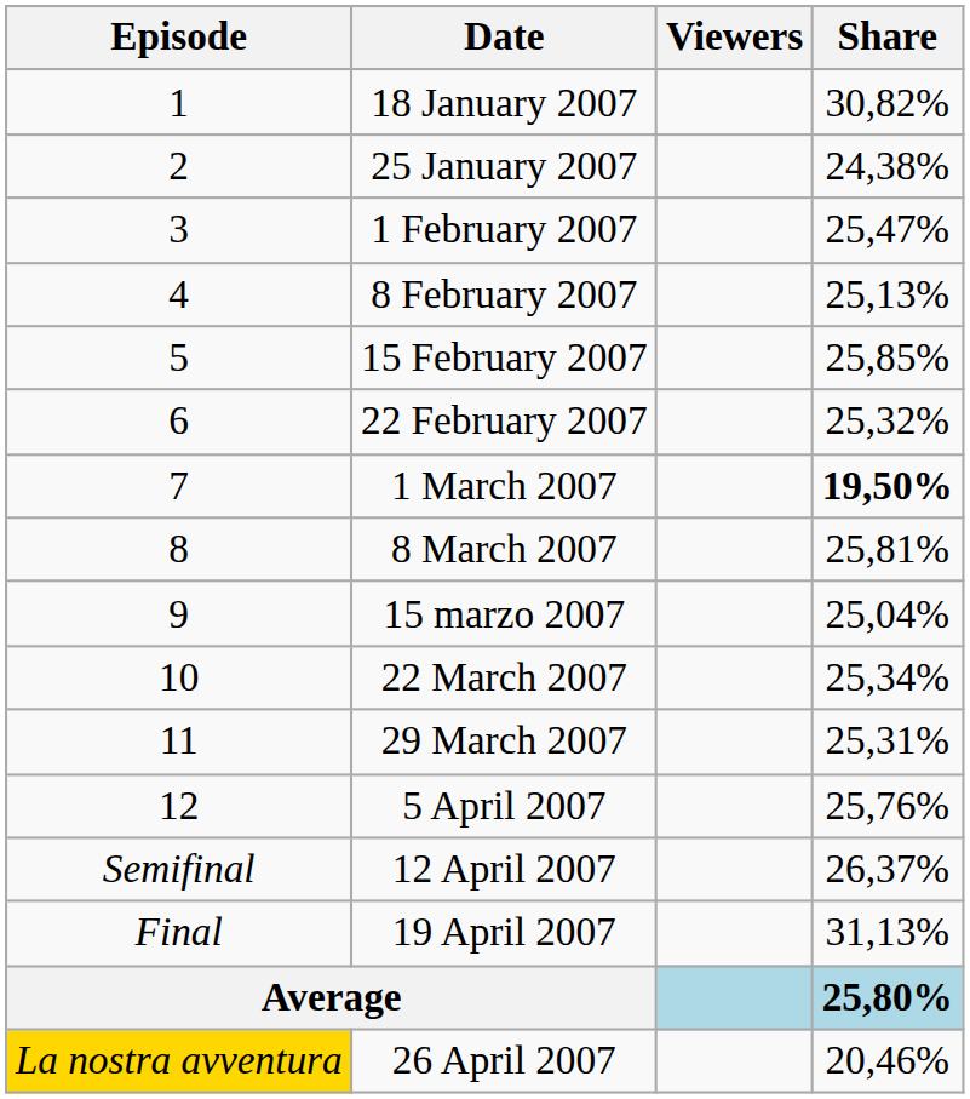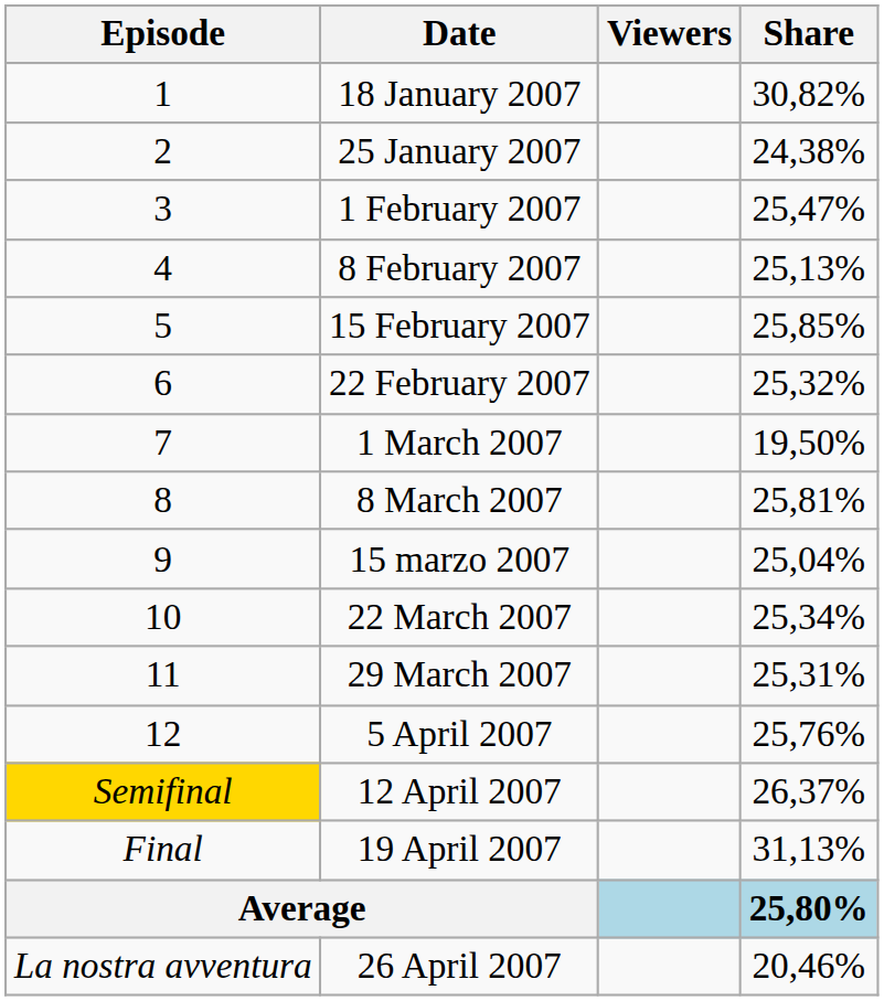 <table class="wikitable" style="text-align:center;">
 <tr>
 <th>Episode</th>
 <th>Date</th>
 <th>Viewers</th>
 <th>Share</th>
 </tr>
 <tr>
 <td>1</td>
 <td>18 January 2007</td>
 <td></td>
 <td>30,82%</td>
 </tr>
 <tr>
 <td>2</td>
 <td>25 January 2007</td>
 <td></td>
 <td>24,38%</td>
 </tr>
 <tr>
 <td>3</td>
 <td>1 February 2007</td>
 <td></td>
 <td>25,47%</td>
 </tr>
 <tr>
 <td>4</td>
 <td>8 February 2007</td>
 <td></td>
 <td>25,13%</td>
 </tr>
 <tr>
 <td>5</td>
 <td>15 February 2007</td>
 <td></td>
 <td>25,85%</td>
 </tr>
 <tr>
 <td>6</td>
 <td>22 February 2007</td>
 <td></td>
 <td>25,32%</td>
 </tr>
 <tr>
 <td>7</td>
 <td>1 March 2007</td>
 <td></td>
-<td><strong>19,50%</strong></td>
+<td>19,50%</td>
 </tr>
 <tr>
 <td>8</td>
 <td>8 March 2007</td>
 <td></td>
 <td>25,81%</td>
 </tr>
 <tr>
 <td>9</td>
 <td>15 marzo 2007</td>
 <td></td>
 <td>25,04%</td>
 </tr>
 <tr>
 <td>10</td>
 <td>22 March 2007</td>
 <td></td>
 <td>25,34%</td>
 </tr>
 <tr>
 <td>11</td>
 <td>29 March 2007</td>
 <td></td>
 <td>25,31%</td>
 </tr>
 <tr>
 <td>12</td>
 <td>5 April 2007</td>
 <td></td>
 <td>25,76%</td>
 </tr>
 <tr>
-<td><em>Semifinal</em></td>
+<td style="background: gold;"><em>Semifinal</em></td>
 <td>12 April 2007</td>
 <td></td>
 <td>26,37%</td>
 </tr>
 <tr>
 <td><em>Final</em></td>
 <td>19 April 2007</td>
 <td></td>
 <td>31,13%</td>
 </tr>
 <tr>
 <th colspan="2">Average</th>
 <td bgcolor="lightblue"><strong></strong></td>
 <td bgcolor="lightblue"><strong>25,80%</strong></td>
 </tr>
 <tr>
-<td style="background: gold;"><em>La nostra avventura</em></td>
+<td><em>La nostra avventura</em></td>
 <td>26 April 2007</td>
 <td></td>
 <td>20,46%</td>
 </tr>
 </table>
